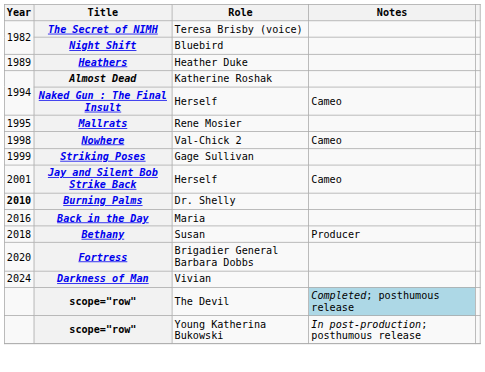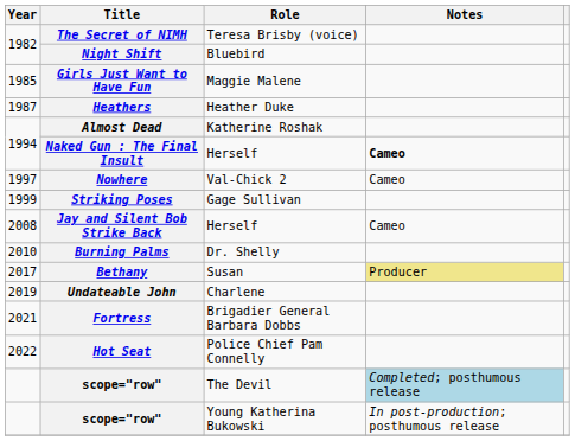 <table class="wikitable plainrowheaders sortable">
 <tr>
 <th scope="col">Year</th>
 <th scope="col">Title</th>
 <th scope="col">Role</th>
 <th scope="col" class="unsortable">Notes</th>
 <th scope="col" class="unsortable"></th>
 </tr>
 <tr>
 <td rowspan=2>1982</td>
 <th scope="row"><em><a href='#'>The Secret of NIMH</a></em></th>
 <td>Teresa Brisby (voice)</td>
 <td></td>
 <td></td>
 </tr>
 <tr>
 <th scope="row"><em><a href='#'>Night Shift</a></em></th>
 <td>Bluebird</td>
 <td></td>
 <td></td>
 </tr>
 <tr>
-<td>1989</td>
+<td>1985</td>
+<th scope="row"><em><a href='#'>Girls Just Want to Have Fun</a></em></th>
+<td>Maggie Malene</td>
+<td></td>
+<td></td>
+</tr>
+<tr>
+<td>1987</td>
 <th scope="row"><em><a href='#'>Heathers</a></em></th>
 <td>Heather Duke</td>
 <td></td>
 <td></td>
 </tr>
 <tr>
 <td rowspan=2>1994</td>
 <th scope="row"><em>Almost Dead</em></th>
 <td>Katherine Roshak</td>
 <td></td>
 <td></td>
 </tr>
 <tr>
 <th scope="row"><em><a href='#'>Naked Gun : The Final Insult</a></em></th>
 <td>Herself</td>
-<td>Cameo</td>
+<td><strong>Cameo</strong></td>
 <td></td>
 </tr>
 <tr>
-<td>1995</td>
-<th scope="row"><em><a href='#'>Mallrats</a></em></th>
-<td>Rene Mosier</td>
-<td></td>
-<td></td>
-</tr>
-<tr>
-<td>1998</td>
+<td>1997</td>
 <th scope="row"><em><a href='#'>Nowhere</a></em></th>
 <td>Val-Chick 2</td>
 <td>Cameo</td>
 <td></td>
 </tr>
 <tr>
 <td>1999</td>
 <th scope="row"><em><a href='#'>Striking Poses</a></em></th>
 <td>Gage Sullivan</td>
 <td></td>
 <td></td>
 </tr>
 <tr>
-<td>2001</td>
+<td>2008</td>
 <th scope="row"><em><a href='#'>Jay and Silent Bob Strike Back</a></em></th>
 <td>Herself</td>
 <td>Cameo</td>
 <td></td>
 </tr>
 <tr>
-<td><strong>2010</strong></td>
+<td>2010</td>
 <th scope="row"><em><a href='#'>Burning Palms</a></em></th>
 <td>Dr. Shelly</td>
 <td></td>
 <td></td>
 </tr>
 <tr>
-<td>2016</td>
-<th scope="row"><em><a href='#'>Back in the Day</a></em></th>
-<td>Maria</td>
+<td>2017</td>
+<th scope="row"><em><a href='#'>Bethany</a></em></th>
+<td>Susan</td>
+<td style="background: khaki;">Producer</td>
+<td></td>
+</tr>
+<tr>
+<td>2019</td>
+<th scope="row"><em>Undateable John</em></th>
+<td>Charlene</td>
 <td></td>
 <td></td>
 </tr>
 <tr>
-<td>2018</td>
-<th scope="row"><em><a href='#'>Bethany</a></em></th>
-<td>Susan</td>
-<td>Producer</td>
-<td></td>
-</tr>
-<tr>
-<td>2020</td>
+<td>2021</td>
 <th scope="row"><em><a href='#'>Fortress</a></em></th>
 <td>Brigadier General Barbara Dobbs</td>
 <td></td>
 <td></td>
 </tr>
 <tr>
-<td>2024</td>
-<th scope="row"><em><a href='#'>Darkness of Man</a></em></th>
-<td>Vivian</td>
+<td>2022</td>
+<th scope="row"><em><a href='#'>Hot Seat</a></em></th>
+<td>Police Chief Pam Connelly</td>
 <td></td>
 <td></td>
 </tr>
 <tr>
 <td></td>
 <th>scope="row" </th>
 <td>The Devil</td>
 <td style="background: lightblue;"><em>Completed</em>; posthumous release</td>
 <td></td>
 </tr>
 <tr>
 <td></td>
 <th>scope="row" </th>
 <td>Young Katherina Bukowski</td>
 <td><em>In post-production</em>; posthumous release</td>
 <td></td>
 </tr>
 <tr>
 </tr>
 </table>
